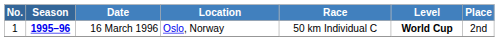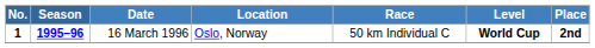 <table class="wikitable sortable" style="font-size:95%; text-align:center; border:grey solid 1px; border-collapse:collapse; background:#ffffff;">
 <tr style="background:#efefef;">
 <th style="background-color:#369; color:white;">No.</th>
 <th style="background-color:#369; color:white;">Season</th>
 <th style="background-color:#4180be; color:white; width:120px;">Date</th>
 <th style="background-color:#4180be; color:white; width:170px;">Location</th>
 <th style="background-color:#4180be; color:white; width:160px;">Race</th>
 <th style="background-color:#4180be; color:white; width:100px;">Level</th>
 <th style="background-color:#4180be; color:white;">Place</th>
 </tr>
 <tr>
-<td align=center>1</td>
+<td align=center><strong>1</strong></td>
 <td rowspan=1 align=center><strong> <a href='#'>1995–96</a> </strong></td>
 <td align=right>16 March 1996</td>
 <td align=left> <a href='#'>Oslo</a>, Norway</td>
 <td>50 km Individual C</td>
 <td><strong>World Cup</strong></td>
-<td>2nd</td>
+<td><strong>2nd</strong></td>
 </tr>
 <tr>
 </tr>
 </table>
